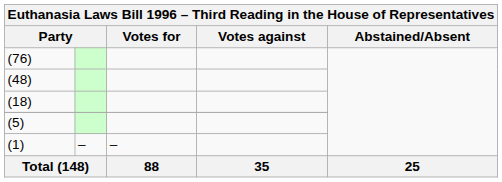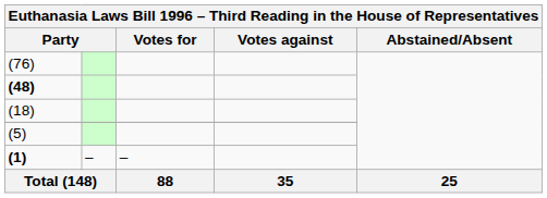 <table class="wikitable mw-collapsible mw-collapsed">
 <tr>
 <th colspan="5">Euthanasia Laws Bill 1996 – Third Reading in the House of Representatives</th>
 </tr>
 <tr>
 <th colspan="2">Party</th>
 <th>Votes for</th>
 <th>Votes against</th>
 <th>Abstained/Absent</th>
 </tr>
 <tr>
 <td> (76)</td>
 <td style="background-color:#CCFFCC;"></td>
 <td></td>
 <td></td>
 </tr>
 <tr>
-<td> (48)</td>
+<td><strong> (48)</strong></td>
 <td style="background-color:#CCFFCC;"></td>
 <td></td>
 <td></td>
 </tr>
 <tr>
 <td> (18)</td>
 <td style="background-color:#CCFFCC;"></td>
 <td></td>
 <td></td>
 </tr>
 <tr>
 </tr>
 <tr>
 <td> (5)</td>
 <td style="background-color:#CCFFCC;"></td>
 <td></td>
 <td></td>
 </tr>
 <tr>
-<td> (1)</td>
+<td><strong> (1)</strong></td>
 <td>–</td>
 <td>–</td>
 <td></td>
 </tr>
 <tr>
 <th colspan=2>Total (148)</th>
 <th>88</th>
 <th>35</th>
 <th>25</th>
 </tr>
 </table>
